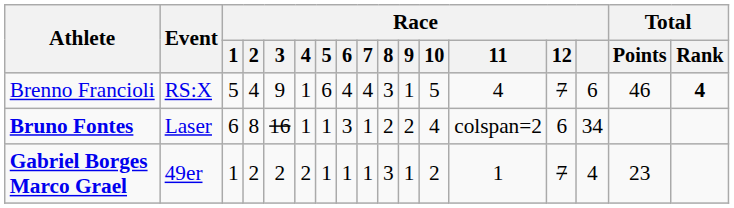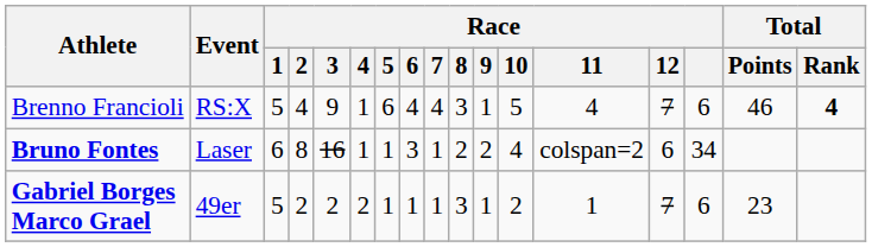 <table class=wikitable style=font-size:90%;text-align:center>
 <tr>
 <th rowspan=2>Athlete</th>
 <th rowspan=2>Event</th>
 <th colspan=13>Race</th>
 <th colspan=2>Total</th>
 </tr>
 <tr style=font-size:95%>
 <th>1</th>
 <th>2</th>
 <th>3</th>
 <th>4</th>
 <th>5</th>
 <th>6</th>
 <th>7</th>
 <th>8</th>
 <th>9</th>
 <th>10</th>
 <th>11</th>
 <th>12</th>
 <th></th>
 <th>Points</th>
 <th>Rank</th>
 </tr>
 <tr>
 <td align=left><a href='#'>Brenno Francioli</a></td>
 <td align=left><a href='#'>RS:X</a></td>
 <td>5</td>
 <td>4</td>
 <td>9</td>
 <td>1</td>
 <td>6</td>
 <td>4</td>
 <td>4</td>
 <td>3</td>
 <td>1</td>
 <td>5</td>
 <td>4</td>
 <td><s>7</s></td>
 <td>6</td>
 <td>46</td>
 <td><strong>4</strong></td>
 </tr>
 <tr>
 <td align=left><strong><a href='#'>Bruno Fontes</a></strong></td>
 <td align=left><a href='#'>Laser</a></td>
 <td>6</td>
 <td>8</td>
 <td><s>16</s></td>
 <td>1</td>
 <td>1</td>
 <td>3</td>
 <td>1</td>
 <td>2</td>
 <td>2</td>
 <td>4</td>
 <td>colspan=2 </td>
 <td>6</td>
 <td>34</td>
 <td></td>
 </tr>
 <tr>
 <td align=left><strong><a href='#'>Gabriel Borges</a></strong><br><strong><a href='#'>Marco Grael</a></strong></td>
 <td align=left><a href='#'>49er</a></td>
-<td>1</td>
+<td>5</td>
 <td>2</td>
 <td>2</td>
 <td>2</td>
 <td>1</td>
 <td>1</td>
 <td>1</td>
 <td>3</td>
 <td>1</td>
 <td>2</td>
 <td>1</td>
 <td><s>7</s></td>
-<td>4</td>
+<td>6</td>
 <td>23</td>
 <td></td>
 </tr>
 </table>
